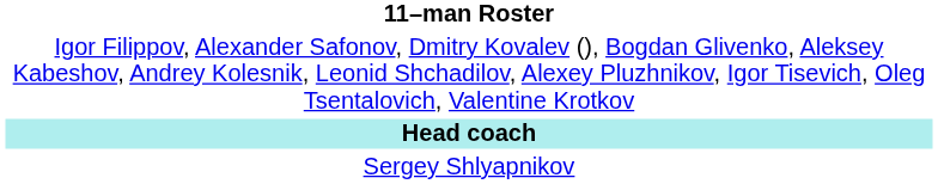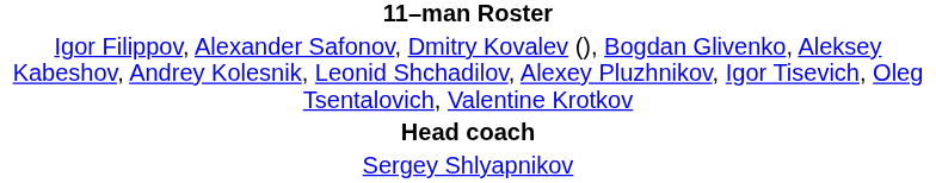 <table style="text-align: center; margin-top: 2em; margin-left: auto; margin-right: auto">
 <tr>
 <td><strong>11–man Roster</strong></td>
 </tr>
 <tr>
 <td><a href='#'>Igor Filippov</a>, <a href='#'>Alexander Safonov</a>, <a href='#'>Dmitry Kovalev</a> (), <a href='#'>Bogdan Glivenko</a>, <a href='#'>Aleksey Kabeshov</a>, <a href='#'>Andrey Kolesnik</a>, <a href='#'>Leonid Shchadilov</a>, <a href='#'>Alexey Pluzhnikov</a>, <a href='#'>Igor Tisevich</a>, <a href='#'>Oleg Tsentalovich</a>, <a href='#'>Valentine Krotkov</a></td>
 </tr>
 <tr>
-<td style="background: paleturquoise;"><strong>Head coach</strong></td>
+<td><strong>Head coach</strong></td>
 </tr>
 <tr>
 <td><a href='#'>Sergey Shlyapnikov</a></td>
 </tr>
 </table>
